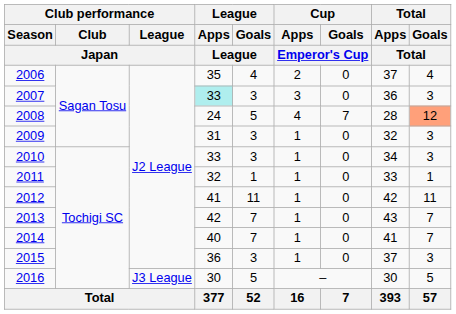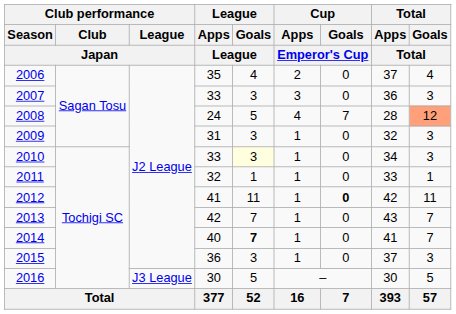 <table class="wikitable" style="text-align:center;">
 <tr>
 <th colspan=3>Club performance</th>
 <th colspan=2>League</th>
 <th colspan=2>Cup</th>
 <th colspan=2>Total</th>
 </tr>
 <tr>
 <th>Season</th>
 <th>Club</th>
 <th>League</th>
 <th>Apps</th>
 <th>Goals</th>
 <th>Apps</th>
 <th>Goals</th>
 <th>Apps</th>
 <th>Goals</th>
 </tr>
 <tr>
 <th colspan=3>Japan</th>
 <th colspan=2>League</th>
 <th colspan=2><a href='#'>Emperor's Cup</a></th>
 <th colspan=2>Total</th>
 </tr>
 <tr>
 <td><a href='#'>2006</a></td>
 <td rowspan="4"><a href='#'>Sagan Tosu</a></td>
 <td rowspan="10"><a href='#'>J2 League</a></td>
 <td>35</td>
 <td>4</td>
 <td>2</td>
 <td>0</td>
 <td>37</td>
 <td>4</td>
 </tr>
 <tr>
 <td><a href='#'>2007</a></td>
-<td style="background: paleturquoise;">33</td>
+<td>33</td>
 <td>3</td>
 <td>3</td>
 <td>0</td>
 <td>36</td>
 <td>3</td>
 </tr>
 <tr>
 <td><a href='#'>2008</a></td>
 <td>24</td>
 <td>5</td>
 <td>4</td>
 <td>7</td>
 <td>28</td>
 <td style="background: lightsalmon;">12</td>
 </tr>
 <tr>
 <td><a href='#'>2009</a></td>
 <td>31</td>
 <td>3</td>
 <td>1</td>
 <td>0</td>
 <td>32</td>
 <td>3</td>
 </tr>
 <tr>
 <td><a href='#'>2010</a></td>
 <td rowspan="7"><a href='#'>Tochigi SC</a></td>
 <td>33</td>
-<td>3</td>
+<td style="background: lightyellow;">3</td>
 <td>1</td>
 <td>0</td>
 <td>34</td>
 <td>3</td>
 </tr>
 <tr>
 <td><a href='#'>2011</a></td>
 <td>32</td>
 <td>1</td>
 <td>1</td>
 <td>0</td>
 <td>33</td>
 <td>1</td>
 </tr>
 <tr>
 <td><a href='#'>2012</a></td>
 <td>41</td>
 <td>11</td>
 <td>1</td>
-<td>0</td>
+<td><strong>0</strong></td>
 <td>42</td>
 <td>11</td>
 </tr>
 <tr>
 <td><a href='#'>2013</a></td>
 <td>42</td>
 <td>7</td>
 <td>1</td>
 <td>0</td>
 <td>43</td>
 <td>7</td>
 </tr>
 <tr>
 <td><a href='#'>2014</a></td>
 <td>40</td>
-<td>7</td>
+<td><strong>7</strong></td>
 <td>1</td>
 <td>0</td>
 <td>41</td>
 <td>7</td>
 </tr>
 <tr>
 <td><a href='#'>2015</a></td>
 <td>36</td>
 <td>3</td>
 <td>1</td>
 <td>0</td>
 <td>37</td>
 <td>3</td>
 </tr>
 <tr>
 <td><a href='#'>2016</a></td>
 <td rowspan="1"><a href='#'>J3 League</a></td>
 <td>30</td>
 <td>5</td>
 <td colspan="2">–</td>
 <td>30</td>
 <td>5</td>
 </tr>
 <tr>
 <th colspan=3>Total</th>
 <th>377</th>
 <th>52</th>
 <th>16</th>
 <th>7</th>
 <th>393</th>
 <th>57</th>
 </tr>
 </table>
